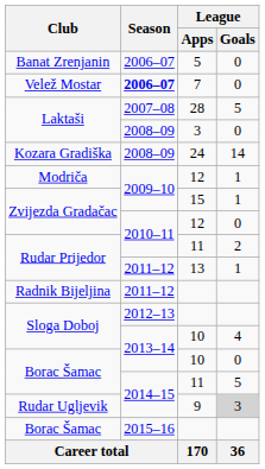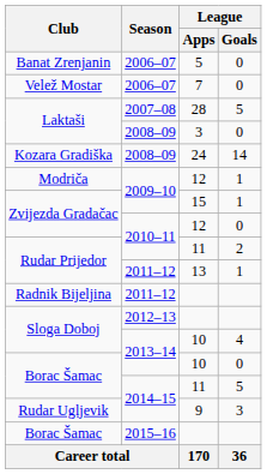 <table class="wikitable" style="text-align:center">
 <tr>
 <th rowspan="2">Club</th>
 <th rowspan="2">Season</th>
 <th colspan="2">League</th>
 </tr>
 <tr>
 <th>Apps</th>
 <th>Goals</th>
 </tr>
 <tr>
 <td><a href='#'>Banat Zrenjanin</a></td>
 <td><a href='#'>2006–07</a></td>
 <td>5</td>
 <td>0</td>
 </tr>
 <tr>
 <td><a href='#'>Velež Mostar</a></td>
-<td><strong><a href='#'>2006–07</a></strong></td>
+<td><a href='#'>2006–07</a></td>
 <td>7</td>
 <td>0</td>
 </tr>
 <tr>
 <td rowspan="2"><a href='#'>Laktaši</a></td>
 <td><a href='#'>2007–08</a></td>
 <td>28</td>
 <td>5</td>
 </tr>
 <tr>
 <td><a href='#'>2008–09</a></td>
 <td>3</td>
 <td>0</td>
 </tr>
 <tr>
 <td><a href='#'>Kozara Gradiška</a></td>
 <td><a href='#'>2008–09</a></td>
 <td>24</td>
 <td>14</td>
 </tr>
 <tr>
 <td><a href='#'>Modriča</a></td>
 <td rowspan="2"><a href='#'>2009–10</a></td>
 <td>12</td>
 <td>1</td>
 </tr>
 <tr>
 <td rowspan="2"><a href='#'>Zvijezda Gradačac</a></td>
 <td>15</td>
 <td>1</td>
 </tr>
 <tr>
 <td rowspan="2"><a href='#'>2010–11</a></td>
 <td>12</td>
 <td>0</td>
 </tr>
 <tr>
 <td rowspan="2"><a href='#'>Rudar Prijedor</a></td>
 <td>11</td>
 <td>2</td>
 </tr>
 <tr>
 <td><a href='#'>2011–12</a></td>
 <td>13</td>
 <td>1</td>
 </tr>
 <tr>
 <td><a href='#'>Radnik Bijeljina</a></td>
 <td><a href='#'>2011–12</a></td>
 <td></td>
 <td></td>
 </tr>
 <tr>
 <td rowspan="2"><a href='#'>Sloga Doboj</a></td>
 <td><a href='#'>2012–13</a></td>
 <td></td>
 <td></td>
 </tr>
 <tr>
 <td rowspan="2"><a href='#'>2013–14</a></td>
 <td>10</td>
 <td>4</td>
 </tr>
 <tr>
 <td rowspan="2"><a href='#'>Borac Šamac</a></td>
 <td>10</td>
 <td>0</td>
 </tr>
 <tr>
 <td rowspan="2"><a href='#'>2014–15</a></td>
 <td>11</td>
 <td>5</td>
 </tr>
 <tr>
 <td><a href='#'>Rudar Ugljevik</a></td>
 <td>9</td>
-<td style="background: lightgrey;">3</td>
+<td>3</td>
 </tr>
 <tr>
 <td><a href='#'>Borac Šamac</a></td>
 <td><a href='#'>2015–16</a></td>
 <td></td>
 <td></td>
 </tr>
 <tr>
 <th colspan="2">Career total</th>
 <th>170</th>
 <th>36</th>
 </tr>
 </table>
